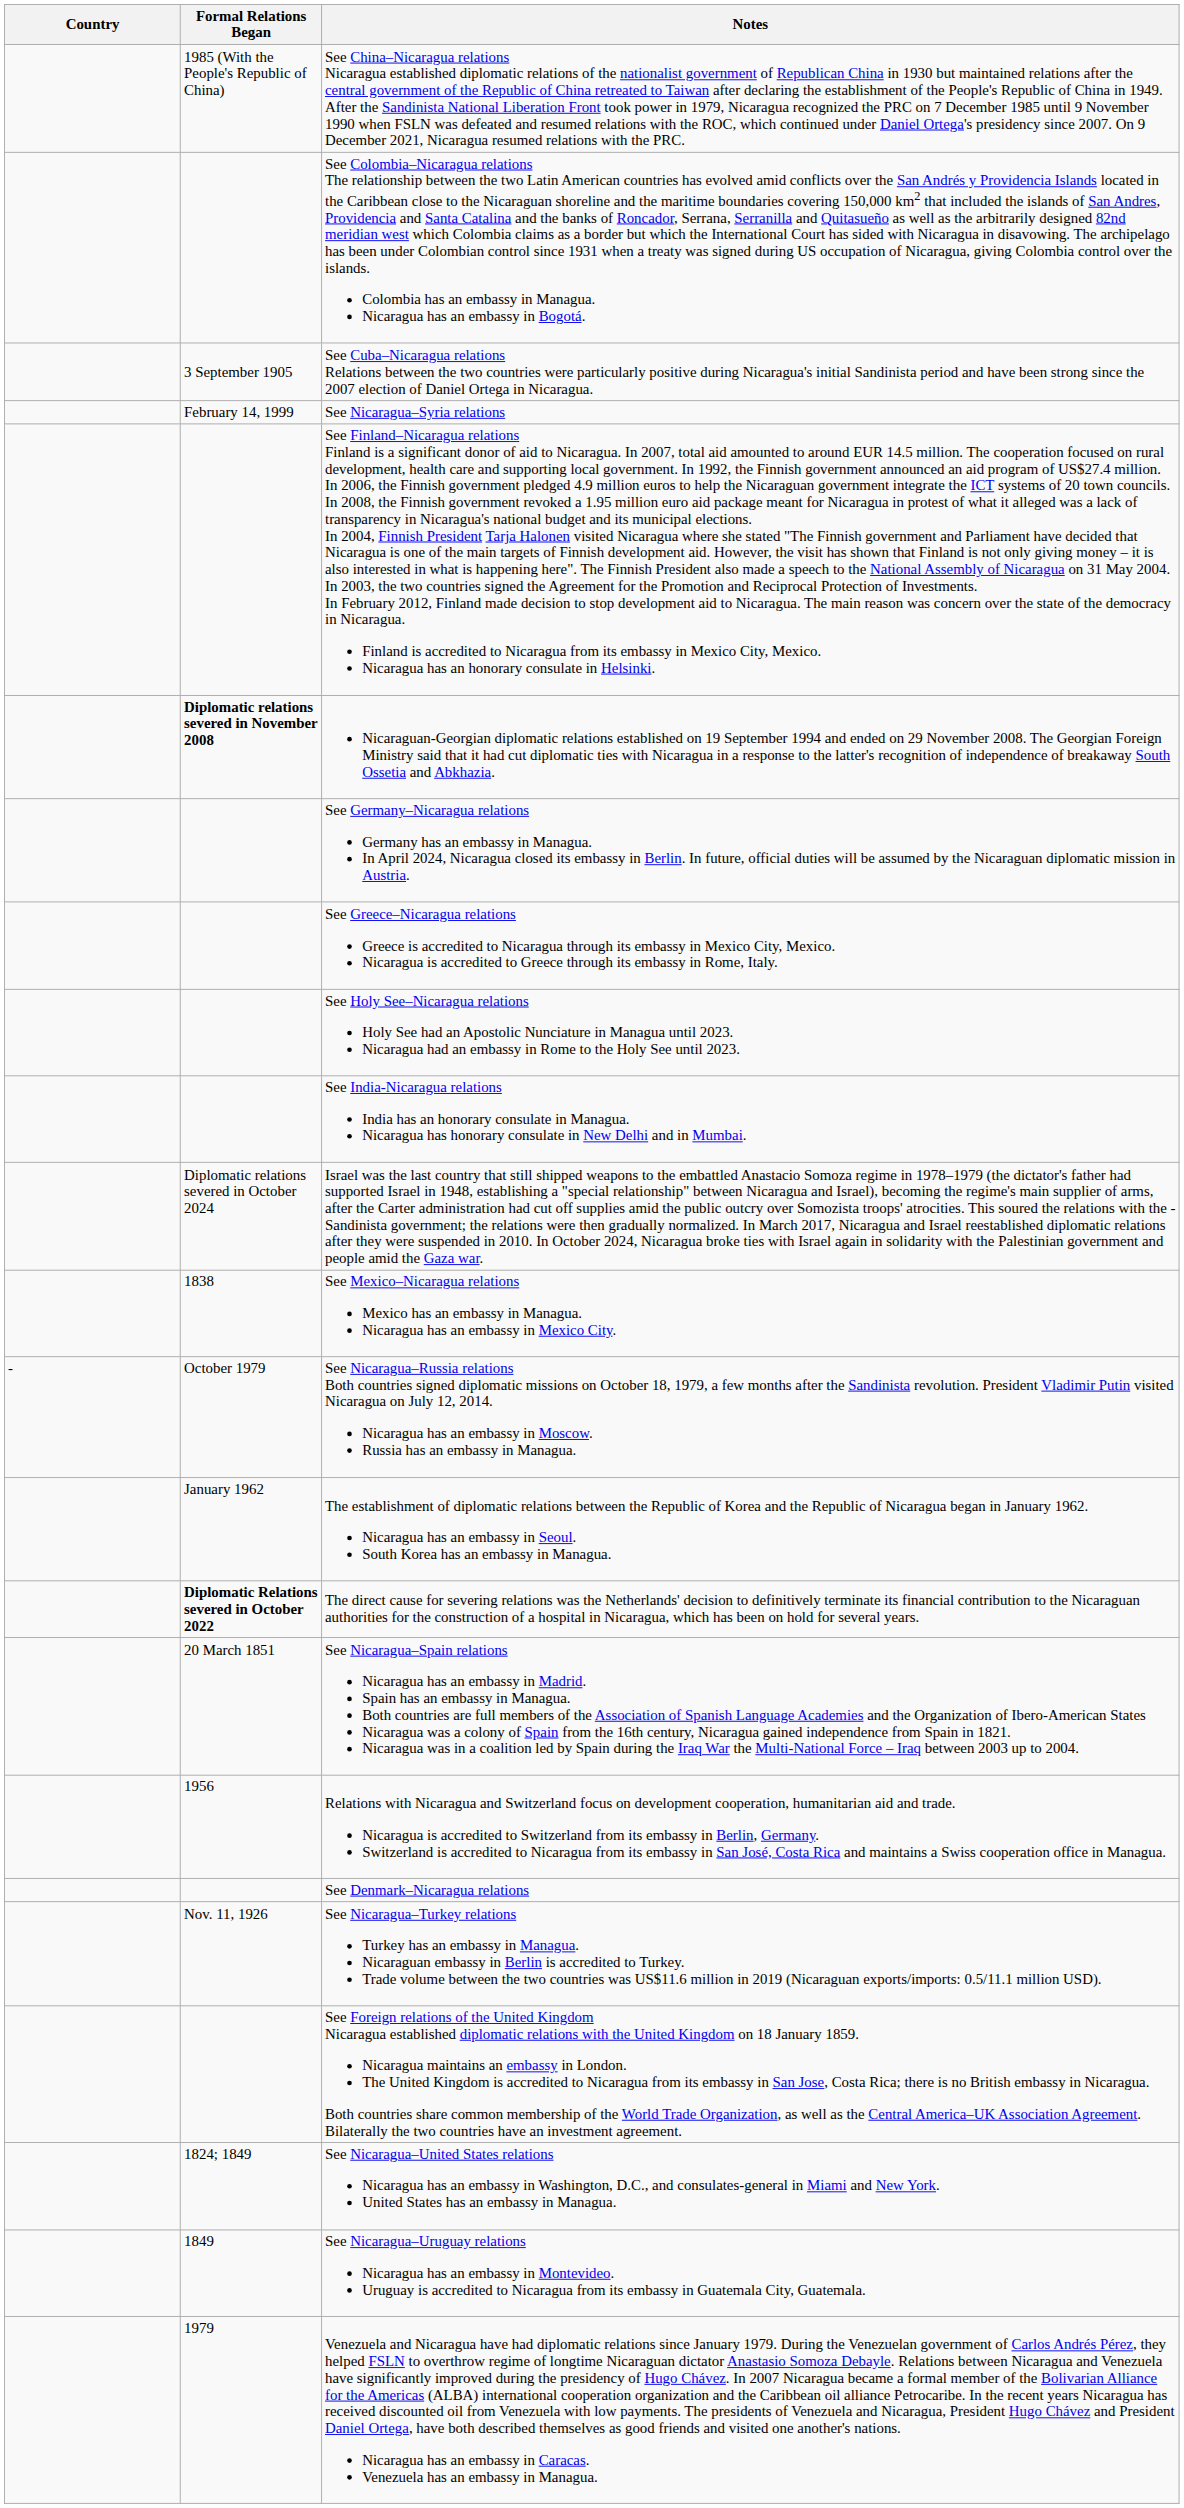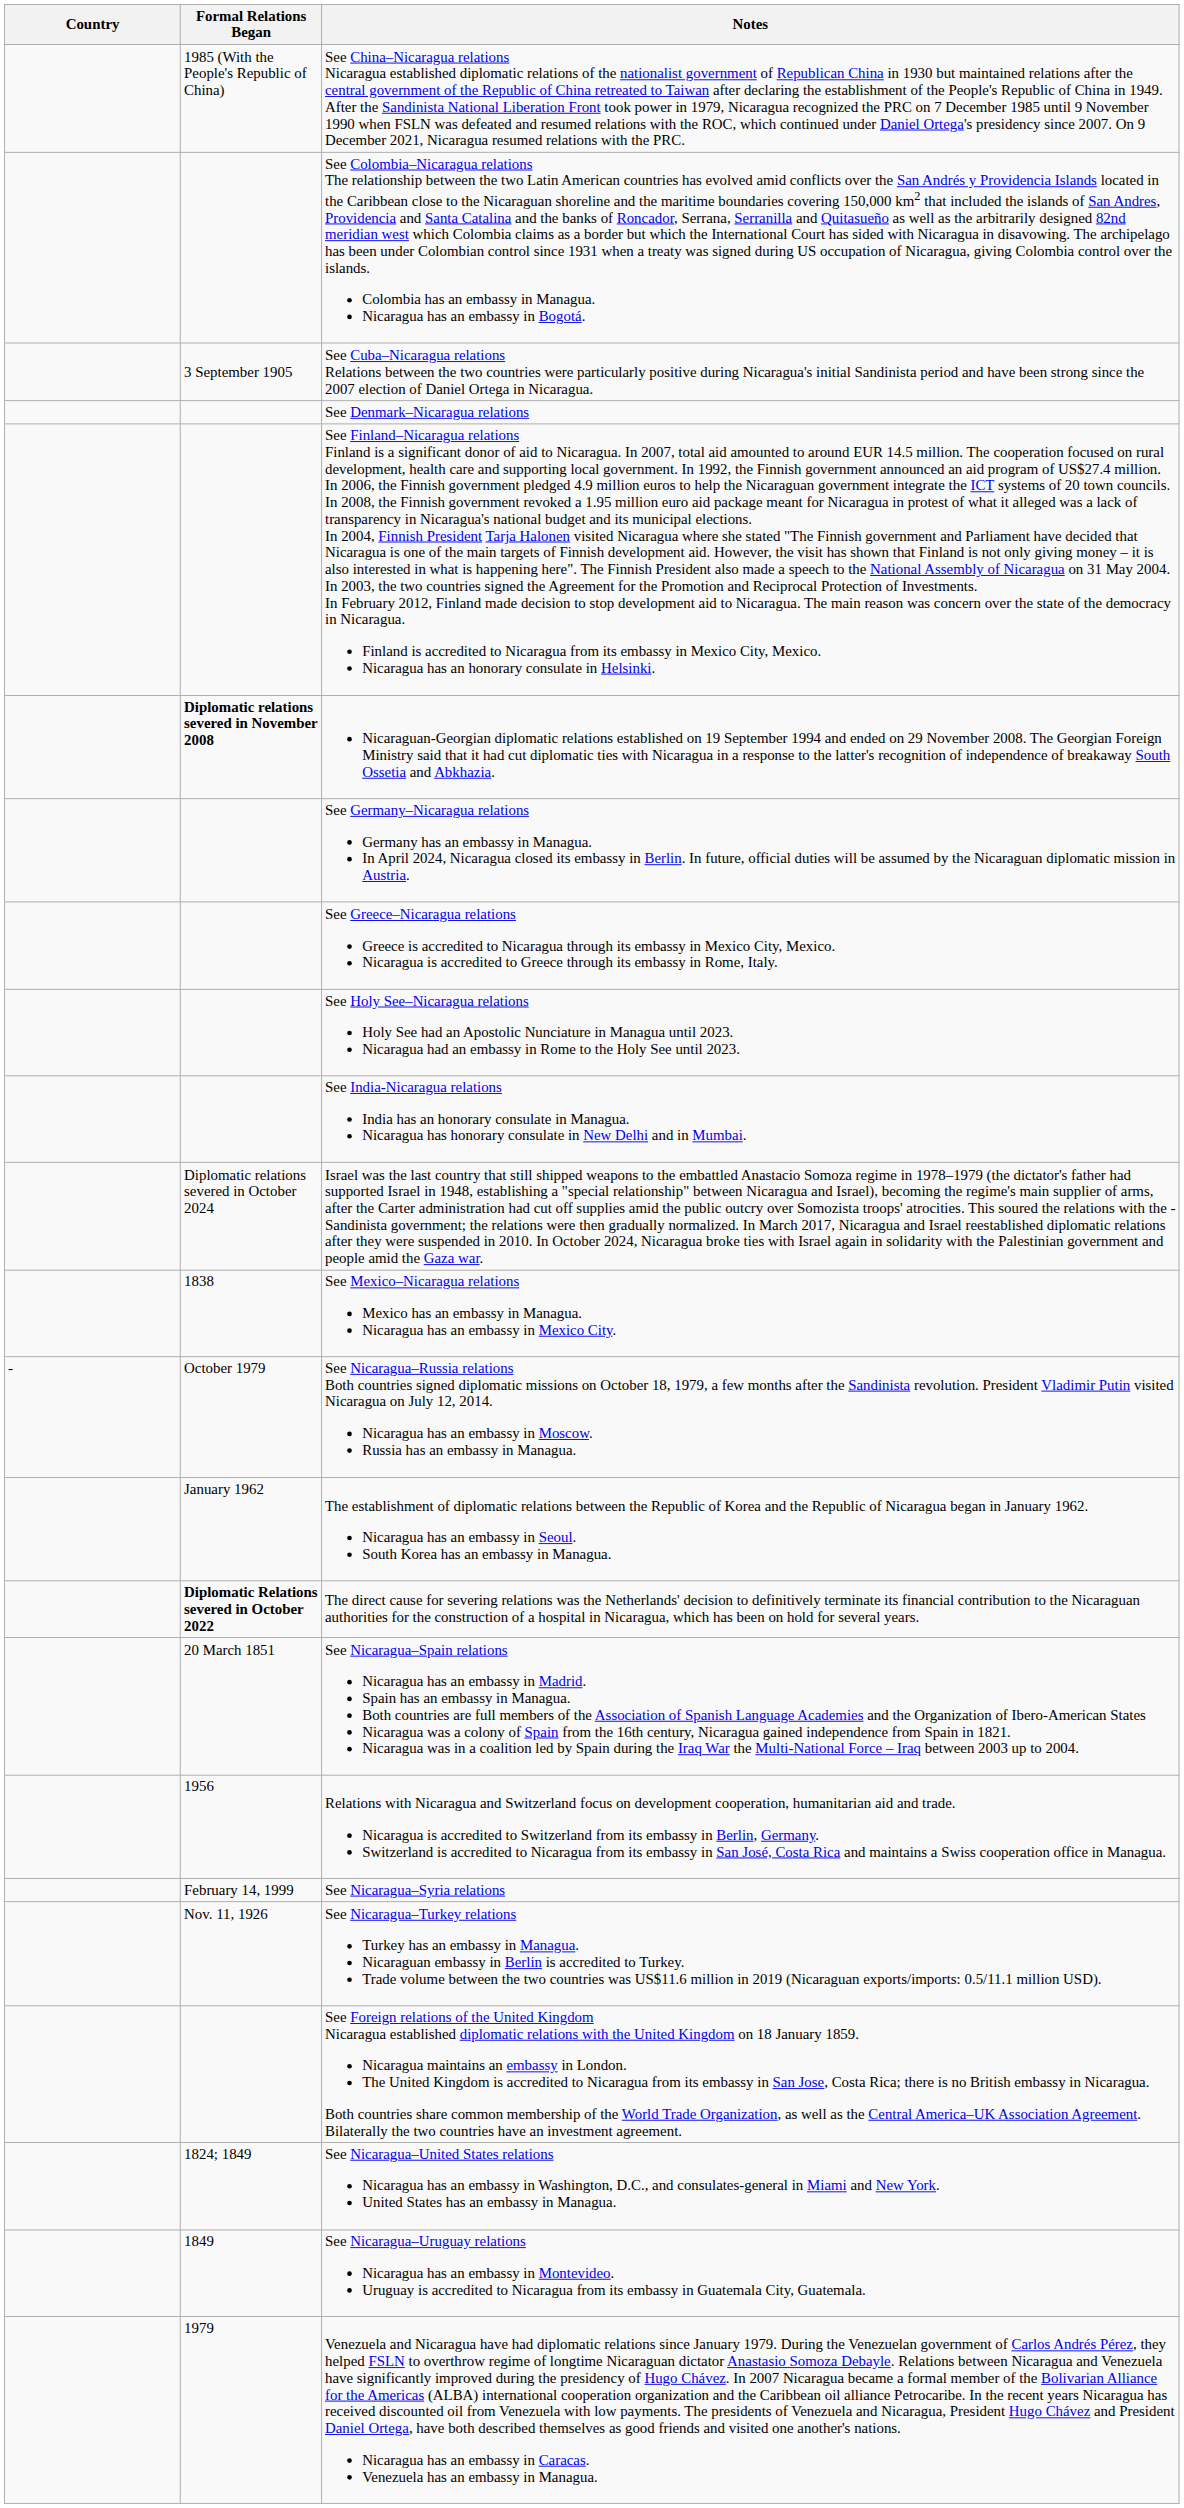 <table class="wikitable sortable" style="width:100%; margin:auto;">
 <tr>
 <th style="width:15%;">Country</th>
 <th style="width:12%;">Formal Relations Began</th>
 <th>Notes</th>
 </tr>
 <tr valign="top">
 <td></td>
 <td>1985 (With the People's Republic of China)</td>
 <td>See <a href='#'>China–Nicaragua relations</a><br>Nicaragua established diplomatic relations of the <a href='#'>nationalist government</a> of <a href='#'>Republican China</a> in 1930 but maintained relations after the <a href='#'>central government of the Republic of China retreated to Taiwan</a> after declaring the establishment of the People's Republic of China in 1949. After the <a href='#'>Sandinista National Liberation Front</a> took power in 1979, Nicaragua recognized the PRC on 7 December 1985 until 9 November 1990 when FSLN was defeated and resumed relations with the ROC, which continued under <a href='#'>Daniel Ortega</a>'s presidency since 2007. On 9 December 2021, Nicaragua resumed relations with the PRC.</td>
 </tr>
 <tr valign="top">
 <td></td>
 <td></td>
 <td>See <a href='#'>Colombia–Nicaragua relations</a><br>The relationship between the two Latin American countries has evolved amid conflicts over the <a href='#'>San Andrés y Providencia Islands</a> located in the Caribbean close to the Nicaraguan shoreline and the maritime boundaries covering 150,000 km<sup>2</sup> that included the islands of <a href='#'>San Andres</a>, <a href='#'>Providencia</a> and <a href='#'>Santa Catalina</a> and the banks of <a href='#'>Roncador</a>, Serrana, <a href='#'>Serranilla</a> and <a href='#'>Quitasueño</a> as well as the arbitrarily designed <a href='#'>82nd meridian west</a> which Colombia claims as a border but which the International Court has sided with Nicaragua in disavowing. The archipelago has been under Colombian control since 1931 when a treaty was signed during US occupation of Nicaragua, giving Colombia control over the islands.<ul><li>Colombia has an embassy in Managua.</li><li>Nicaragua has an embassy in <a href='#'>Bogotá</a>.</li></ul></td>
 </tr>
 <tr>
 <td></td>
 <td>3 September 1905</td>
 <td>See <a href='#'>Cuba–Nicaragua relations</a><br>Relations between the two countries were particularly positive during Nicaragua's initial Sandinista period and have been strong since the 2007 election of Daniel Ortega in Nicaragua.</td>
 </tr>
 <tr valign="top">
 <td></td>
-<td>February 14, 1999</td>
-<td>See <a href='#'>Nicaragua–Syria relations</a></td>
+<td></td>
+<td>See <a href='#'>Denmark–Nicaragua relations</a></td>
 </tr>
 <tr valign="top">
 <td></td>
 <td></td>
 <td>See <a href='#'>Finland–Nicaragua relations</a><br>Finland is a significant donor of aid to Nicaragua. In 2007, total aid amounted to around EUR 14.5 million. The cooperation focused on rural development, health care and supporting local government. In 1992, the Finnish government announced an aid program of US$27.4 million.<br>In 2006, the Finnish government pledged 4.9 million euros to help the Nicaraguan government integrate the <a href='#'>ICT</a> systems of 20 town councils. In 2008, the Finnish government revoked a 1.95 million euro aid package meant for Nicaragua in protest of what it alleged was a lack of transparency in Nicaragua's national budget and its municipal elections.<br>In 2004, <a href='#'>Finnish President</a> <a href='#'>Tarja Halonen</a> visited Nicaragua where she stated "The Finnish government and Parliament have decided that Nicaragua is one of the main targets of Finnish development aid. However, the visit has shown that Finland is not only giving money – it is also interested in what is happening here". The Finnish President also made a speech to the <a href='#'>National Assembly of Nicaragua</a> on 31 May 2004. In 2003, the two countries signed the Agreement for the Promotion and Reciprocal Protection of Investments.<br>In February 2012, Finland made decision to stop development aid to Nicaragua. The main reason was concern over the state of the democracy in Nicaragua.<ul><li>Finland is accredited to Nicaragua from its embassy in Mexico City, Mexico.</li><li>Nicaragua has an honorary consulate in <a href='#'>Helsinki</a>.</li></ul></td>
 </tr>
 <tr valign="top">
 <td></td>
 <td><strong>Diplomatic relations severed in November 2008</strong></td>
 <td><br><ul><li>Nicaraguan-Georgian diplomatic relations established on 19 September 1994 and ended on 29 November 2008. The Georgian Foreign Ministry said that it had cut diplomatic ties with Nicaragua in a response to the latter's recognition of independence of breakaway <a href='#'>South Ossetia</a> and <a href='#'>Abkhazia</a>.</li></ul></td>
 </tr>
 <tr>
 <td></td>
 <td></td>
 <td>See <a href='#'>Germany–Nicaragua relations</a><br><ul><li>Germany has an embassy in Managua.</li><li>In April 2024, Nicaragua closed its embassy in <a href='#'>Berlin</a>. In future, official duties will be assumed by the Nicaraguan diplomatic mission in <a href='#'>Austria</a>.</li></ul></td>
 </tr>
 <tr valign="top">
 <td></td>
 <td></td>
 <td>See <a href='#'>Greece–Nicaragua relations</a><br><ul><li>Greece is accredited to Nicaragua through its embassy in Mexico City, Mexico.</li><li>Nicaragua is accredited to Greece through its embassy in Rome, Italy.</li></ul></td>
 </tr>
 <tr valign="top">
 <td></td>
 <td></td>
 <td>See <a href='#'>Holy See–Nicaragua relations</a><br><ul><li>Holy See had an Apostolic Nunciature in Managua until 2023.</li><li>Nicaragua had an embassy in Rome to the Holy See until 2023.</li></ul></td>
 </tr>
 <tr valign="top">
 <td></td>
 <td></td>
 <td>See <a href='#'>India-Nicaragua relations</a><br><ul><li>India has an honorary consulate in Managua.</li><li>Nicaragua has honorary consulate in <a href='#'>New Delhi</a> and in <a href='#'>Mumbai</a>.</li></ul></td>
 </tr>
 <tr valign="top">
 <td></td>
 <td>Diplomatic relations severed in October 2024</td>
 <td>Israel was the last country that still shipped weapons to the embattled Anastacio Somoza regime in 1978–1979 (the dictator's father had supported Israel in 1948, establishing a "special relationship" between Nicaragua and Israel), becoming the regime's main supplier of arms, after the Carter administration had cut off supplies amid the public outcry over Somozista troops' atrocities. This soured the relations with the -Sandinista government; the relations were then gradually normalized. In March 2017, Nicaragua and Israel reestablished diplomatic relations after they were suspended in 2010. In October 2024, Nicaragua broke ties with Israel again in solidarity with the Palestinian government and people amid the <a href='#'>Gaza war</a>.</td>
 </tr>
 <tr valign="top">
 <td></td>
 <td>1838</td>
 <td>See <a href='#'>Mexico–Nicaragua relations</a><br><ul><li>Mexico has an embassy in Managua.</li><li>Nicaragua has an embassy in <a href='#'>Mexico City</a>.</li></ul></td>
 </tr>
 <tr valign="top">
 <td>-</td>
 <td>October 1979</td>
 <td>See <a href='#'>Nicaragua–Russia relations</a><br>Both countries signed diplomatic missions on October 18, 1979, a few months after the <a href='#'>Sandinista</a> revolution. President <a href='#'>Vladimir Putin</a> visited Nicaragua on July 12, 2014.<ul><li>Nicaragua has an embassy in <a href='#'>Moscow</a>.</li><li>Russia has an embassy in Managua.</li></ul></td>
 </tr>
 <tr valign="top">
 <td></td>
 <td>January 1962</td>
 <td><br>The establishment of diplomatic relations between the Republic of Korea and the Republic of Nicaragua began in January 1962.<ul><li>Nicaragua has an embassy in <a href='#'>Seoul</a>.</li><li>South Korea has an embassy in Managua.</li></ul></td>
 </tr>
 <tr>
 <td></td>
 <td><strong>Diplomatic Relations severed in October 2022</strong></td>
 <td>The direct cause for severing relations was the Netherlands' decision to definitively terminate its financial contribution to the Nicaraguan authorities for the construction of a hospital in Nicaragua, which has been on hold for several years.</td>
 </tr>
 <tr valign="top">
 <td></td>
 <td>20 March 1851</td>
 <td>See <a href='#'>Nicaragua–Spain relations</a><br><ul><li>Nicaragua has an embassy in <a href='#'>Madrid</a>.</li><li>Spain has an embassy in Managua.</li><li>Both countries are full members of the <a href='#'>Association of Spanish Language Academies</a> and the Organization of Ibero-American States</li><li>Nicaragua was a colony of <a href='#'>Spain</a> from the 16th century, Nicaragua gained independence from Spain in 1821.</li><li>Nicaragua was in a coalition led by Spain during the <a href='#'>Iraq War</a> the <a href='#'>Multi-National Force – Iraq</a> between 2003 up to 2004.</li></ul></td>
 </tr>
 <tr valign="top">
 <td></td>
 <td>1956</td>
 <td><br> Relations with Nicaragua and Switzerland focus on development cooperation, humanitarian aid and trade.<ul><li>Nicaragua is accredited to Switzerland from its embassy in <a href='#'>Berlin</a>, <a href='#'>Germany</a>.</li><li>Switzerland is accredited to Nicaragua from its embassy in <a href='#'>San José, Costa Rica</a> and maintains a Swiss cooperation office in Managua.</li></ul></td>
 </tr>
 <tr valign="top">
 <td></td>
-<td></td>
-<td>See <a href='#'>Denmark–Nicaragua relations</a></td>
+<td>February 14, 1999</td>
+<td>See <a href='#'>Nicaragua–Syria relations</a></td>
 </tr>
 <tr valign="top">
 <td></td>
 <td>Nov. 11, 1926</td>
 <td>See <a href='#'>Nicaragua–Turkey relations</a><br><ul><li>Turkey has an embassy in <a href='#'>Managua</a>.</li><li>Nicaraguan embassy in <a href='#'>Berlin</a> is accredited to Turkey.</li><li>Trade volume between the two countries was US$11.6 million in 2019 (Nicaraguan exports/imports: 0.5/11.1 million USD).</li></ul></td>
 </tr>
 <tr valign="top">
 <td></td>
 <td></td>
 <td>See <a href='#'>Foreign relations of the United Kingdom</a><br>Nicaragua established <a href='#'>diplomatic relations with the United Kingdom</a> on 18 January 1859.<ul><li>Nicaragua maintains an <a href='#'>embassy</a> in London.</li><li>The United Kingdom is accredited to Nicaragua from its embassy in <a href='#'>San Jose</a>, Costa Rica; there is no British embassy in Nicaragua.</li></ul>Both countries share common membership of the <a href='#'>World Trade Organization</a>, as well as the <a href='#'>Central America–UK Association Agreement</a>. Bilaterally the two countries have an investment agreement.</td>
 </tr>
 <tr valign="top">
 <td></td>
 <td>1824; 1849</td>
 <td>See <a href='#'>Nicaragua–United States relations</a><br><ul><li>Nicaragua has an embassy in Washington, D.C., and consulates-general in <a href='#'>Miami</a> and <a href='#'>New York</a>.</li><li>United States has an embassy in Managua.</li></ul></td>
 </tr>
 <tr valign="top">
 <td></td>
 <td> 1849</td>
 <td>See <a href='#'>Nicaragua–Uruguay relations</a><br><ul><li>Nicaragua has an embassy in <a href='#'>Montevideo</a>.</li><li>Uruguay is accredited to Nicaragua from its embassy in Guatemala City, Guatemala.</li></ul></td>
 </tr>
 <tr valign="top">
 <td></td>
 <td>1979</td>
 <td><br>Venezuela and Nicaragua have had diplomatic relations since January 1979. During the Venezuelan government of <a href='#'>Carlos Andrés Pérez</a>, they helped <a href='#'>FSLN</a> to overthrow regime of longtime Nicaraguan dictator <a href='#'>Anastasio Somoza Debayle</a>. Relations between Nicaragua and Venezuela have significantly improved during the presidency of <a href='#'>Hugo Chávez</a>. In 2007 Nicaragua became a formal member of the <a href='#'>Bolivarian Alliance for the Americas</a> (ALBA) international cooperation organization and the Caribbean oil alliance Petrocaribe. In the recent years Nicaragua has received discounted oil from Venezuela with low payments. The presidents of Venezuela and Nicaragua, President <a href='#'>Hugo Chávez</a> and President <a href='#'>Daniel Ortega</a>, have both described themselves as good friends and visited one another's nations.<ul><li>Nicaragua has an embassy in <a href='#'>Caracas</a>.</li><li>Venezuela has an embassy in Managua.</li></ul></td>
 </tr>
 </table>
